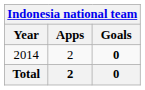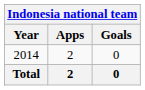 <table class="wikitable" style="text-align:center">
 <tr>
 <th colspan=3><a href='#'>Indonesia national team</a></th>
 </tr>
 <tr>
 <th>Year</th>
 <th>Apps</th>
 <th>Goals</th>
 </tr>
 <tr>
 <td>2014</td>
 <td>2</td>
-<td><strong>0</strong></td>
+<td>0</td>
 </tr>
 <tr>
 <th>Total</th>
 <th>2</th>
 <th>0</th>
 </tr>
 </table>
